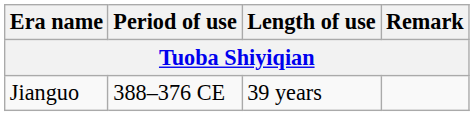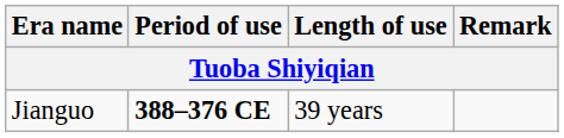 <table class="wikitable">
 <tr>
 <th>Era name</th>
 <th>Period of use</th>
 <th>Length of use</th>
 <th>Remark</th>
 </tr>
 <tr>
 <th colspan="4"><a href='#'>Tuoba Shiyiqian</a><br></th>
 </tr>
 <tr>
 <td>Jianguo<br></td>
-<td>388–376 CE</td>
+<td><strong>388–376 CE</strong></td>
 <td>39 years</td>
 <td></td>
 </tr>
 </table>
